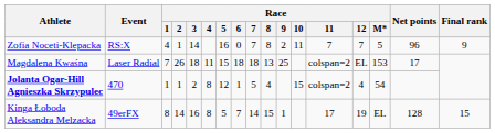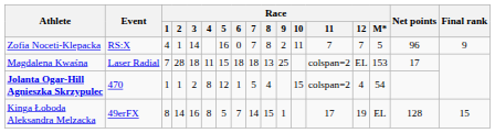 <table class="wikitable" style="text-align:center; font-size:90%">
 <tr>
 <th rowspan=2>Athlete</th>
 <th rowspan=2>Event</th>
 <th colspan=13>Race</th>
 <th rowspan=2>Net points</th>
 <th rowspan=2>Final rank</th>
 </tr>
 <tr style="font-size:95%">
 <th>1</th>
 <th>2</th>
 <th>3</th>
 <th>4</th>
 <th>5</th>
 <th>6</th>
 <th>7</th>
 <th>8</th>
 <th>9</th>
 <th>10</th>
 <th>11</th>
 <th>12</th>
 <th>M*</th>
 </tr>
 <tr>
 <td align=left><a href='#'>Zofia Noceti-Klepacka</a></td>
 <td align=left><a href='#'>RS:X</a></td>
 <td>4</td>
 <td>1</td>
 <td>14</td>
 <td></td>
 <td>16</td>
 <td>0</td>
 <td>7</td>
 <td>8</td>
 <td>2</td>
 <td>11</td>
 <td>7</td>
 <td>7</td>
 <td>5</td>
 <td>96</td>
 <td>9</td>
 </tr>
 <tr>
 <td align=left><a href='#'>Magdalena Kwaśna</a></td>
 <td align=left><a href='#'>Laser Radial</a></td>
 <td>7</td>
-<td>26</td>
+<td>28</td>
 <td>18</td>
 <td>11</td>
 <td>15</td>
 <td>18</td>
 <td>18</td>
 <td>13</td>
 <td>25</td>
 <td></td>
 <td>colspan=2 </td>
 <td>EL</td>
 <td>153</td>
 <td>17</td>
 </tr>
 <tr>
 <td align=left><strong><a href='#'>Jolanta Ogar-Hill</a><br><a href='#'>Agnieszka Skrzypulec</a></strong></td>
 <td align=left><a href='#'>470</a></td>
 <td>1</td>
 <td>1</td>
 <td>2</td>
 <td>8</td>
 <td>12</td>
 <td>1</td>
 <td>5</td>
 <td>4</td>
 <td></td>
 <td>15</td>
 <td>colspan=2 </td>
 <td>4</td>
 <td>54</td>
 <td></td>
 </tr>
 <tr>
 <td align=left><a href='#'>Kinga Łoboda</a><br><a href='#'>Aleksandra Melzacka</a></td>
 <td align=left><a href='#'>49erFX</a></td>
 <td>8</td>
 <td>14</td>
 <td>16</td>
 <td>8</td>
 <td>5</td>
 <td>7</td>
 <td>14</td>
 <td>15</td>
 <td>1</td>
 <td></td>
 <td>17</td>
 <td>19</td>
 <td>EL</td>
 <td>128</td>
 <td>15</td>
 </tr>
 </table>
